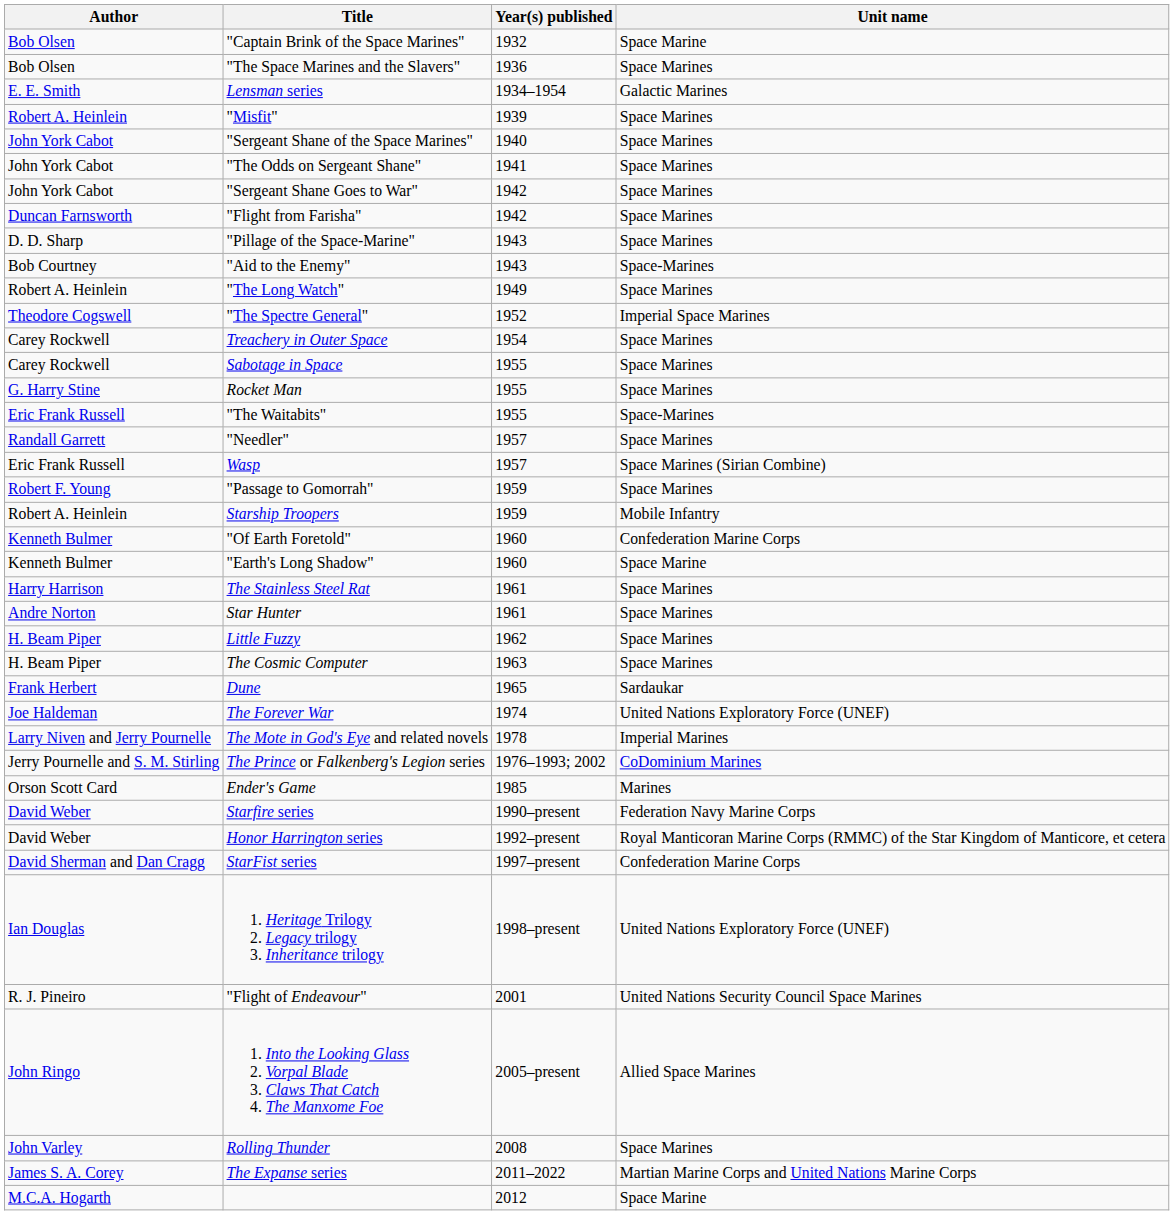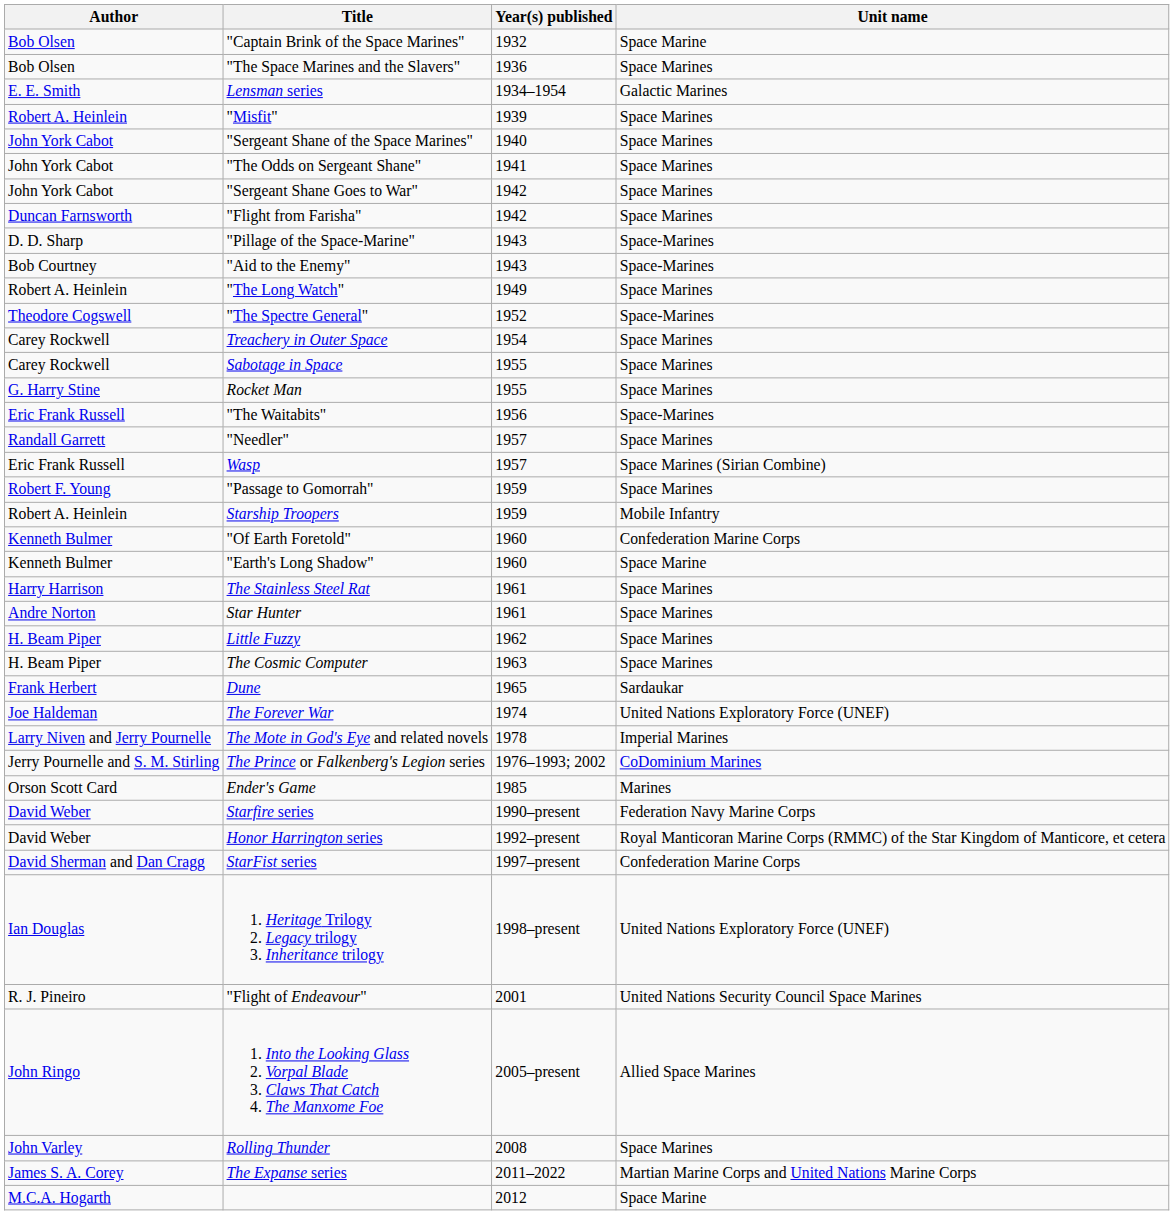 <table class="wikitable">
 <tr>
 <th>Author</th>
 <th>Title</th>
 <th>Year(s) published</th>
 <th>Unit name</th>
 </tr>
 <tr>
 <td><a href='#'>Bob Olsen</a></td>
 <td>"Captain Brink of the Space Marines"</td>
 <td>1932</td>
 <td>Space Marine</td>
 </tr>
 <tr>
 <td>Bob Olsen</td>
 <td>"The Space Marines and the Slavers"</td>
 <td>1936</td>
 <td>Space Marines</td>
 </tr>
 <tr>
 <td><a href='#'>E. E. Smith</a></td>
 <td><a href='#'><em>Lensman</em> series</a></td>
 <td>1934–1954</td>
 <td>Galactic Marines</td>
 </tr>
 <tr>
 <td><a href='#'>Robert A. Heinlein</a></td>
 <td>"<a href='#'>Misfit</a>"</td>
 <td>1939</td>
 <td>Space Marines</td>
 </tr>
 <tr>
 <td><a href='#'>John York Cabot</a></td>
 <td>"Sergeant Shane of the Space Marines"</td>
 <td>1940</td>
 <td>Space Marines</td>
 </tr>
 <tr>
 <td>John York Cabot</td>
 <td>"The Odds on Sergeant Shane"</td>
 <td>1941</td>
 <td>Space Marines</td>
 </tr>
 <tr>
 <td>John York Cabot</td>
 <td>"Sergeant Shane Goes to War"</td>
 <td>1942</td>
 <td>Space Marines</td>
 </tr>
 <tr>
 <td><a href='#'>Duncan Farnsworth</a></td>
 <td>"Flight from Farisha"</td>
 <td>1942</td>
 <td>Space Marines</td>
 </tr>
 <tr>
 <td>D. D. Sharp</td>
 <td>"Pillage of the Space-Marine"</td>
 <td>1943</td>
-<td>Space Marines</td>
+<td>Space-Marines</td>
 </tr>
 <tr>
 <td>Bob Courtney</td>
 <td>"Aid to the Enemy"</td>
 <td>1943</td>
 <td>Space-Marines</td>
 </tr>
 <tr>
 <td>Robert A. Heinlein</td>
 <td>"<a href='#'>The Long Watch</a>"</td>
 <td>1949</td>
 <td>Space Marines</td>
 </tr>
 <tr>
 <td><a href='#'>Theodore Cogswell</a></td>
 <td>"<a href='#'>The Spectre General</a>"</td>
 <td>1952</td>
-<td>Imperial Space Marines</td>
+<td>Space-Marines</td>
 </tr>
 <tr>
 <td>Carey Rockwell</td>
 <td><em><a href='#'>Treachery in Outer Space</a></em></td>
 <td>1954</td>
 <td>Space Marines</td>
 </tr>
 <tr>
 <td>Carey Rockwell</td>
 <td><em><a href='#'>Sabotage in Space</a></em></td>
 <td>1955</td>
 <td>Space Marines</td>
 </tr>
 <tr>
 <td><a href='#'>G. Harry Stine</a></td>
 <td><em>Rocket Man</em></td>
 <td>1955</td>
 <td>Space Marines</td>
 </tr>
 <tr>
 <td><a href='#'>Eric Frank Russell</a></td>
 <td>"The Waitabits"</td>
-<td>1955</td>
+<td>1956</td>
 <td>Space-Marines</td>
 </tr>
 <tr>
 <td><a href='#'>Randall Garrett</a></td>
 <td>"Needler"</td>
 <td>1957</td>
 <td>Space Marines</td>
 </tr>
 <tr>
 <td>Eric Frank Russell</td>
 <td><em><a href='#'>Wasp</a></em></td>
 <td>1957</td>
 <td>Space Marines (Sirian Combine)</td>
 </tr>
 <tr>
 <td><a href='#'>Robert F. Young</a></td>
 <td>"Passage to Gomorrah"</td>
 <td>1959</td>
 <td>Space Marines</td>
 </tr>
 <tr>
 <td>Robert A. Heinlein</td>
 <td><em><a href='#'>Starship Troopers</a></em></td>
 <td>1959</td>
 <td>Mobile Infantry</td>
 </tr>
 <tr>
 <td><a href='#'>Kenneth Bulmer</a></td>
 <td>"Of Earth Foretold"</td>
 <td>1960</td>
 <td>Confederation Marine Corps</td>
 </tr>
 <tr>
 <td>Kenneth Bulmer</td>
 <td>"Earth's Long Shadow"</td>
 <td>1960</td>
 <td>Space Marine</td>
 </tr>
 <tr>
 <td><a href='#'>Harry Harrison</a></td>
 <td><em><a href='#'>The Stainless Steel Rat</a></em></td>
 <td>1961</td>
 <td>Space Marines</td>
 </tr>
 <tr>
 <td><a href='#'>Andre Norton</a></td>
 <td><em>Star Hunter</em></td>
 <td>1961</td>
 <td>Space Marines</td>
 </tr>
 <tr>
 <td><a href='#'>H. Beam Piper</a></td>
 <td><em><a href='#'>Little Fuzzy</a></em></td>
 <td>1962</td>
 <td>Space Marines</td>
 </tr>
 <tr>
 <td>H. Beam Piper</td>
 <td><em>The Cosmic Computer</em></td>
 <td>1963</td>
 <td>Space Marines</td>
 </tr>
 <tr>
 <td><a href='#'>Frank Herbert</a></td>
 <td><em><a href='#'>Dune</a></em></td>
 <td>1965</td>
 <td>Sardaukar</td>
 </tr>
 <tr>
 <td><a href='#'>Joe Haldeman</a></td>
 <td><em><a href='#'>The Forever War</a></em></td>
 <td>1974</td>
 <td>United Nations Exploratory Force (UNEF)</td>
 </tr>
 <tr>
 <td><a href='#'>Larry Niven</a> and <a href='#'>Jerry Pournelle</a></td>
 <td><em><a href='#'>The Mote in God's Eye</a></em> and related novels</td>
 <td>1978</td>
 <td>Imperial Marines</td>
 </tr>
 <tr>
 <td>Jerry Pournelle and <a href='#'>S. M. Stirling</a></td>
 <td><em><a href='#'>The Prince</a></em> or <em>Falkenberg's Legion</em> series</td>
 <td>1976–1993; 2002</td>
 <td><a href='#'>CoDominium Marines</a></td>
 </tr>
 <tr>
 <td>Orson Scott Card</td>
 <td><em>Ender's Game</em></td>
 <td>1985</td>
 <td>Marines</td>
 </tr>
 <tr>
 <td><a href='#'>David Weber</a></td>
 <td><a href='#'><em>Starfire</em> series</a></td>
 <td>1990–present</td>
 <td>Federation Navy Marine Corps</td>
 </tr>
 <tr>
 <td>David Weber</td>
 <td><a href='#'><em>Honor Harrington</em> series</a></td>
 <td>1992–present</td>
 <td>Royal Manticoran Marine Corps (RMMC) of the Star Kingdom of Manticore, et cetera</td>
 </tr>
 <tr>
 <td><a href='#'>David Sherman</a> and <a href='#'>Dan Cragg</a></td>
 <td><a href='#'><em>StarFist</em> series</a></td>
 <td>1997–present</td>
 <td>Confederation Marine Corps</td>
 </tr>
 <tr>
 <td><a href='#'>Ian Douglas</a></td>
 <td><br><ol><li><a href='#'><em>Heritage</em> Trilogy</a></li><li><a href='#'><em>Legacy</em> trilogy</a></li><li><a href='#'><em>Inheritance</em> trilogy</a></li></ol></td>
 <td>1998–present</td>
 <td>United Nations Exploratory Force (UNEF)</td>
 </tr>
 <tr>
 <td>R. J. Pineiro</td>
 <td>"Flight of <em>Endeavour</em>"</td>
 <td>2001</td>
 <td>United Nations Security Council Space Marines</td>
 </tr>
 <tr>
 <td><a href='#'>John Ringo</a></td>
 <td><br><ol><li><em><a href='#'>Into the Looking Glass</a></em></li><li><em><a href='#'>Vorpal Blade</a></em></li><li><em><a href='#'>Claws That Catch</a></em></li><li><em><a href='#'>The Manxome Foe</a></em></li></ol></td>
 <td>2005–present</td>
 <td>Allied Space Marines</td>
 </tr>
 <tr>
 <td><a href='#'>John Varley</a></td>
 <td><em><a href='#'>Rolling Thunder</a></em></td>
 <td>2008</td>
 <td>Space Marines</td>
 </tr>
 <tr>
 <td><a href='#'>James S. A. Corey</a></td>
 <td><a href='#'><em>The Expanse</em> series</a></td>
 <td>2011–2022</td>
 <td>Martian Marine Corps and <a href='#'>United Nations</a> Marine Corps</td>
 </tr>
 <tr>
 <td><a href='#'>M.C.A. Hogarth</a></td>
 <td><em></em></td>
 <td>2012</td>
 <td>Space Marine</td>
 </tr>
 </table>
